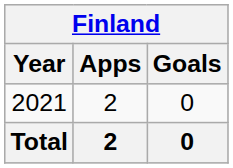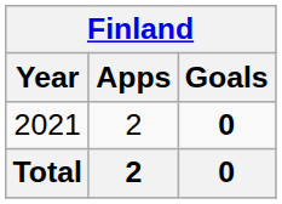 <table class=wikitable style=text-align:center>
 <tr>
 <th colspan=4><a href='#'>Finland</a></th>
 </tr>
 <tr>
 <th>Year</th>
 <th>Apps</th>
 <th>Goals</th>
 </tr>
 <tr>
 <td>2021</td>
 <td>2</td>
-<td>0</td>
+<td><strong>0</strong></td>
 </tr>
 <tr>
 <th colspan=1>Total</th>
 <th>2</th>
 <th>0</th>
 </tr>
 </table>
